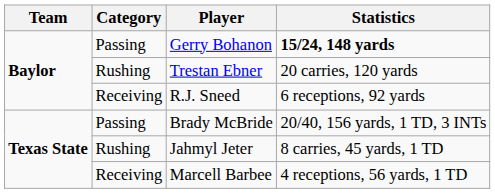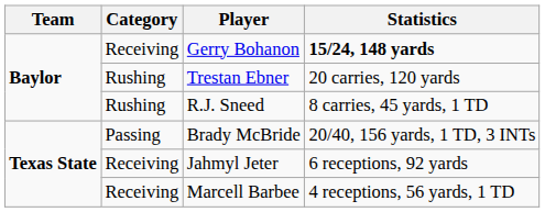 <table class="wikitable" style="float: left;">
 <tr>
 <th>Team</th>
 <th>Category</th>
 <th>Player</th>
 <th>Statistics</th>
 </tr>
 <tr>
 <td rowspan=3><strong>Baylor</strong></td>
-<td>Passing</td>
+<td>Receiving</td>
 <td><a href='#'>Gerry Bohanon</a></td>
 <td><strong>15/24, 148 yards</strong></td>
 </tr>
 <tr>
 <td>Rushing</td>
 <td><a href='#'>Trestan Ebner</a></td>
 <td>20 carries, 120 yards</td>
 </tr>
 <tr>
-<td>Receiving</td>
+<td>Rushing</td>
 <td>R.J. Sneed</td>
-<td>6 receptions, 92 yards</td>
+<td>8 carries, 45 yards, 1 TD</td>
 </tr>
 <tr>
 <td rowspan=3><strong>Texas State</strong></td>
 <td>Passing</td>
 <td>Brady McBride</td>
 <td>20/40, 156 yards, 1 TD, 3 INTs</td>
 </tr>
 <tr>
-<td>Rushing</td>
+<td>Receiving</td>
 <td>Jahmyl Jeter</td>
-<td>8 carries, 45 yards, 1 TD</td>
+<td>6 receptions, 92 yards</td>
 </tr>
 <tr>
 <td>Receiving</td>
 <td>Marcell Barbee</td>
 <td>4 receptions, 56 yards, 1 TD</td>
 </tr>
 </table>
